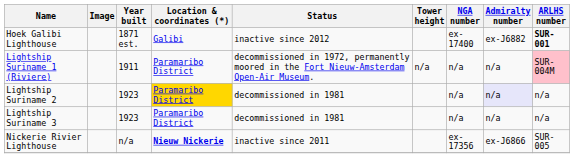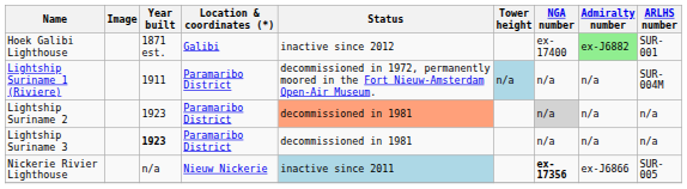 <table class="wikitable sortable" style="width:100%">
 <tr>
 <th>Name</th>
 <th>Image</th>
 <th>Year<br>built</th>
 <th>Location & coordinates (*)</th>
 <th>Status</th>
 <th>Tower<br>height</th>
 <th><a href='#'>NGA</a><br>number</th>
 <th><a href='#'>Admiralty</a><br>number</th>
 <th><a href='#'>ARLHS</a><br>number</th>
 </tr>
 <tr>
 <td>Hoek Galibi Lighthouse</td>
 <td></td>
 <td>1871 est.</td>
 <td><a href='#'>Galibi</a><br> </td>
 <td>inactive since 2012</td>
 <td></td>
 <td>ex-17400</td>
-<td>ex-J6882</td>
-<td><strong>SUR-001</strong></td>
+<td style="background: lightgreen;">ex-J6882</td>
+<td>SUR-001</td>
 </tr>
 <tr>
 <td><a href='#'>Lightship Suriname 1 (Riviere)</a></td>
 <td></td>
 <td>1911</td>
 <td><a href='#'>Paramaribo District</a><br> </td>
 <td>decommissioned in 1972, permanently moored in the <a href='#'>Fort Nieuw-Amsterdam Open-Air Museum</a>.</td>
+<td style="background: lightblue;">n/a</td>
 <td>n/a</td>
 <td>n/a</td>
-<td>n/a</td>
-<td style="background: pink;">SUR-004M</td>
+<td>SUR-004M</td>
 </tr>
 <tr>
 <td>Lightship Suriname 2</td>
 <td></td>
 <td>1923</td>
-<td style="background: gold;"><a href='#'>Paramaribo District</a><br> </td>
-<td>decommissioned in 1981</td>
+<td><a href='#'>Paramaribo District</a><br> </td>
+<td style="background: lightsalmon;">decommissioned in 1981</td>
 <td></td>
+<td style="background: lightgrey;">n/a</td>
 <td>n/a</td>
-<td style="background: lavender;">n/a</td>
 <td>n/a</td>
 </tr>
 <tr>
 <td>Lightship Suriname 3</td>
 <td></td>
-<td>1923</td>
+<td><strong>1923</strong></td>
 <td><a href='#'>Paramaribo District</a><br> </td>
 <td>decommissioned in 1981</td>
 <td></td>
 <td>n/a</td>
 <td>n/a</td>
 <td>n/a</td>
 </tr>
 <tr>
 <td>Nickerie Rivier Lighthouse</td>
 <td></td>
 <td>n/a</td>
-<td><strong><a href='#'>Nieuw Nickerie</a><br> </strong></td>
-<td>inactive since 2011</td>
+<td><a href='#'>Nieuw Nickerie</a><br> </td>
+<td style="background: lightblue;">inactive since 2011</td>
 <td></td>
-<td>ex-17356</td>
+<td><strong>ex-17356</strong></td>
 <td>ex-J6866</td>
 <td>SUR-005</td>
 </tr>
 <tr>
 </tr>
 </table>
